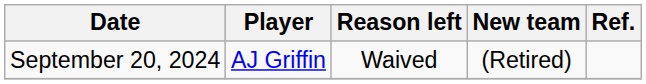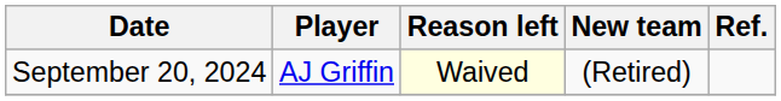 <table class="wikitable sortable sortable" style="text-align: center">
 <tr>
 <th>Date</th>
 <th>Player</th>
 <th>Reason left</th>
 <th>New team</th>
 <th>Ref.</th>
 </tr>
 <tr>
 <td>September 20, 2024</td>
 <td><a href='#'>AJ Griffin</a></td>
-<td>Waived</td>
+<td style="background: lightyellow;">Waived</td>
 <td> (Retired)</td>
 <td></td>
 </tr>
 <tr style="text-align: center">
 </tr>
 </table>
